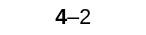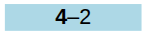 <table style="text-align:center">
 <tr>
 <th width=223></th>
 <th width=100></th>
 <th width=223></th>
 </tr>
 <tr>
 <td align=right><small><span></span></small> <strong></strong></td>
-<td><strong>4</strong>–2</td>
+<td style="background: lightblue;"><strong>4</strong>–2</td>
 <td align=left> <small><span></span></small></td>
 </tr>
 </table>
